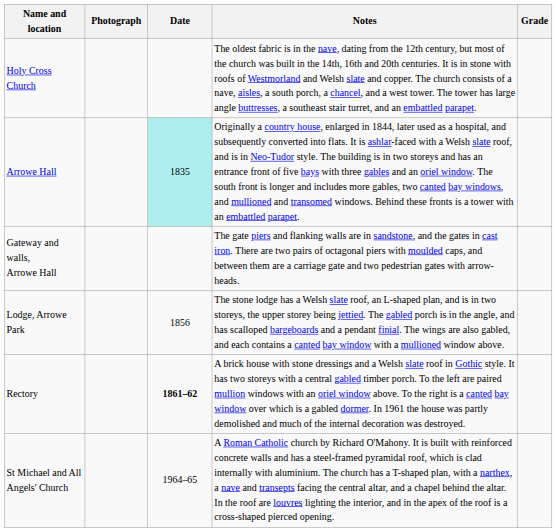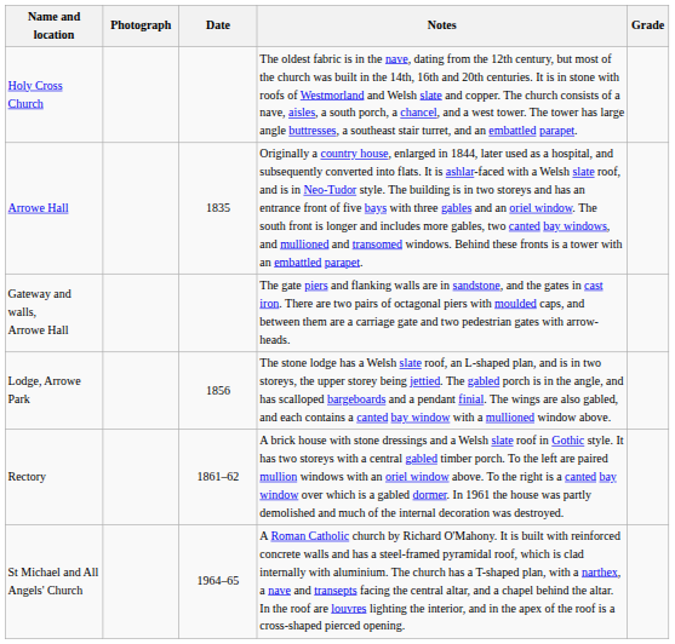 <table class="wikitable sortable plainrowheaders" style="width:100%;border:0px;text-align:left;line-height:150%;">
 <tr>
 <th scope="col"  style="width:150px">Name and location</th>
 <th scope="col"  style="width:100px" class="unsortable">Photograph</th>
 <th scope="col"  style="width:120px">Date</th>
 <th scope="col"  style="width:650px" class="unsortable">Notes</th>
 <th scope="col"  style="width:50px">Grade</th>
 </tr>
 <tr>
 <td><a href='#'>Holy Cross Church</a><br><small></small></td>
 <td></td>
 <td align="center"></td>
 <td>The oldest fabric is in the <a href='#'>nave</a>, dating from the 12th century, but most of the church was built in the 14th, 16th and 20th centuries.  It is in stone with roofs of <a href='#'>Westmorland</a> and Welsh <a href='#'>slate</a> and copper.  The church consists of a nave, <a href='#'>aisles</a>, a south porch, a <a href='#'>chancel</a>, and a west tower.  The tower has large angle <a href='#'>buttresses</a>, a southeast stair turret, and an <a href='#'>embattled</a> <a href='#'>parapet</a>.</td>
 <td align="center" ></td>
 </tr>
 <tr>
 <td><a href='#'>Arrowe Hall</a><br><small></small></td>
 <td></td>
-<td align="center" style="background: paleturquoise;">1835</td>
+<td align="center">1835</td>
 <td>Originally a <a href='#'>country house</a>, enlarged in 1844, later used as a hospital, and subsequently converted into flats.  It is <a href='#'>ashlar</a>-faced with a Welsh <a href='#'>slate</a> roof, and is in <a href='#'>Neo-Tudor</a> style.  The building is in two storeys and has an entrance front of five <a href='#'>bays</a> with three <a href='#'>gables</a> and an <a href='#'>oriel window</a>.  The south front is longer and includes more gables, two <a href='#'>canted</a> <a href='#'>bay windows</a>, and <a href='#'>mullioned</a> and <a href='#'>transomed</a> windows.  Behind these fronts is a tower with an <a href='#'>embattled</a> <a href='#'>parapet</a>.</td>
 <td align="center" ></td>
 </tr>
 <tr>
 <td>Gateway and walls,<br>Arrowe Hall<br><small></small></td>
 <td></td>
 <td align="center"></td>
 <td>The gate <a href='#'>piers</a> and flanking walls are in <a href='#'>sandstone</a>, and the gates in <a href='#'>cast iron</a>.  There are two pairs of octagonal piers with <a href='#'>moulded</a> caps, and between them are a carriage gate and two pedestrian gates with arrow-heads.</td>
 <td align="center" ></td>
 </tr>
 <tr>
 <td>Lodge, Arrowe Park<br><small></small></td>
 <td></td>
 <td align="center">1856</td>
 <td>The stone lodge has a Welsh <a href='#'>slate</a> roof, an L-shaped plan, and is in two storeys, the upper storey being <a href='#'>jettied</a>.  The <a href='#'>gabled</a> porch is in the angle, and has scalloped <a href='#'>bargeboards</a> and a pendant <a href='#'>finial</a>.  The wings are also gabled, and each contains a <a href='#'>canted</a> <a href='#'>bay window</a> with a <a href='#'>mullioned</a> window above.</td>
 <td align="center" ></td>
 </tr>
 <tr>
 <td>Rectory<br><small></small></td>
 <td></td>
-<td align="center"><strong>1861–62</strong></td>
+<td align="center">1861–62</td>
 <td>A brick house with stone dressings and a Welsh <a href='#'>slate</a> roof in <a href='#'>Gothic</a> style.  It has two storeys with a central <a href='#'>gabled</a> timber porch.  To the left are paired <a href='#'>mullion</a> windows with an <a href='#'>oriel window</a> above.  To the right is a <a href='#'>canted</a> <a href='#'>bay window</a> over which is a gabled <a href='#'>dormer</a>.  In 1961 the house was partly demolished and much of the internal decoration was destroyed.</td>
 <td align="center" ></td>
 </tr>
 <tr>
 <td>St Michael and All Angels' Church<br><small></small></td>
 <td></td>
 <td align="center">1964–65</td>
 <td>A <a href='#'>Roman Catholic</a> church by Richard O'Mahony.  It is built with reinforced concrete walls and has a steel-framed pyramidal roof, which is clad internally with aluminium.  The church has a T-shaped plan, with a <a href='#'>narthex</a>, a <a href='#'>nave</a> and <a href='#'>transepts</a> facing the central altar, and a chapel behind the altar.  In the roof are <a href='#'>louvres</a> lighting the interior, and in the apex of the roof is a cross-shaped pierced opening.</td>
 <td align="center" ></td>
 </tr>
 <tr>
 </tr>
 </table>
